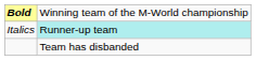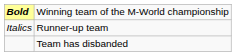 <table class="wikitable">
 <tr>
 <td style="background-color:#FFFF99"><strong><em>Bold</em></strong></td>
 <td>Winning team of the M-World championship</td>
 </tr>
 <tr>
 <td><em>Italics</em></td>
-<td style="background: paleturquoise;">Runner-up team</td>
+<td>Runner-up team</td>
 </tr>
 <tr>
 <td></td>
 <td>Team has disbanded</td>
 </tr>
 </table>
